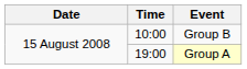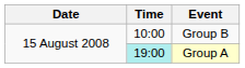 <table class = "wikitable" style="text-align:center;">
 <tr>
 <th width=150>Date</th>
 <th width=50>Time</th>
 <th width=80>Event</th>
 </tr>
 <tr>
 <td rowspan=2>15 August 2008</td>
 <td>10:00</td>
 <td>Group B</td>
 </tr>
 <tr>
-<td>19:00</td>
+<td style="background: paleturquoise;">19:00</td>
 <td bgcolor=ffffcc>Group A</td>
 </tr>
 </table>
